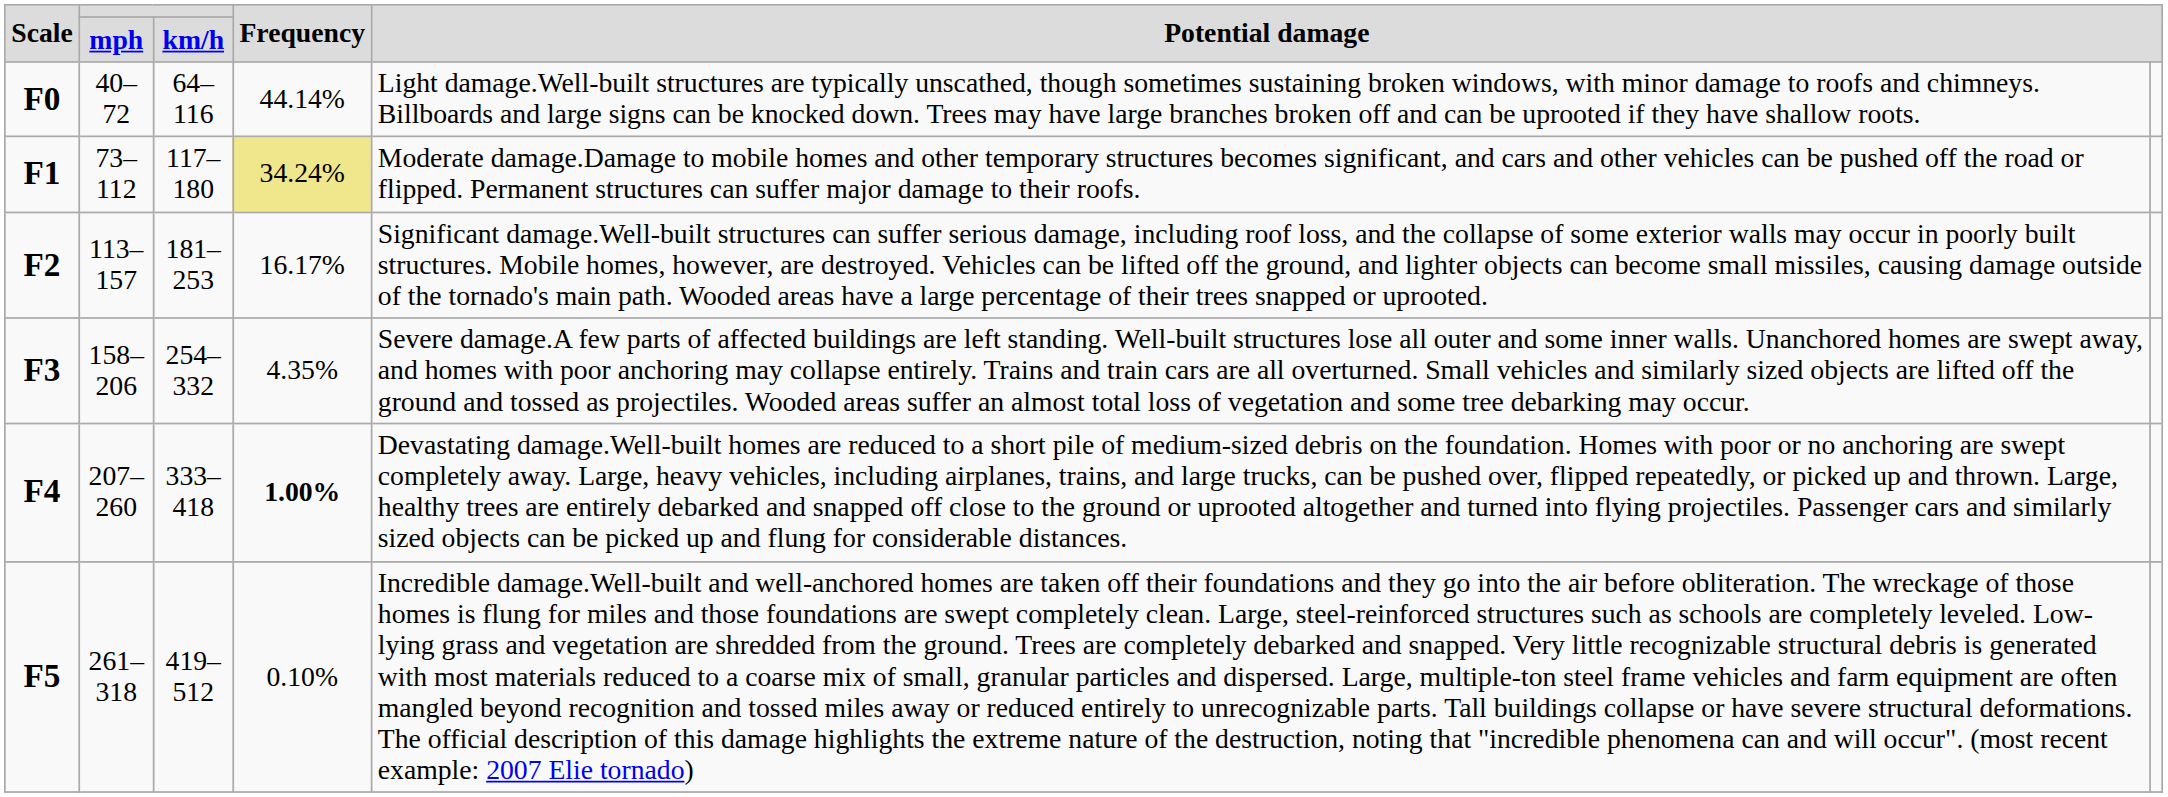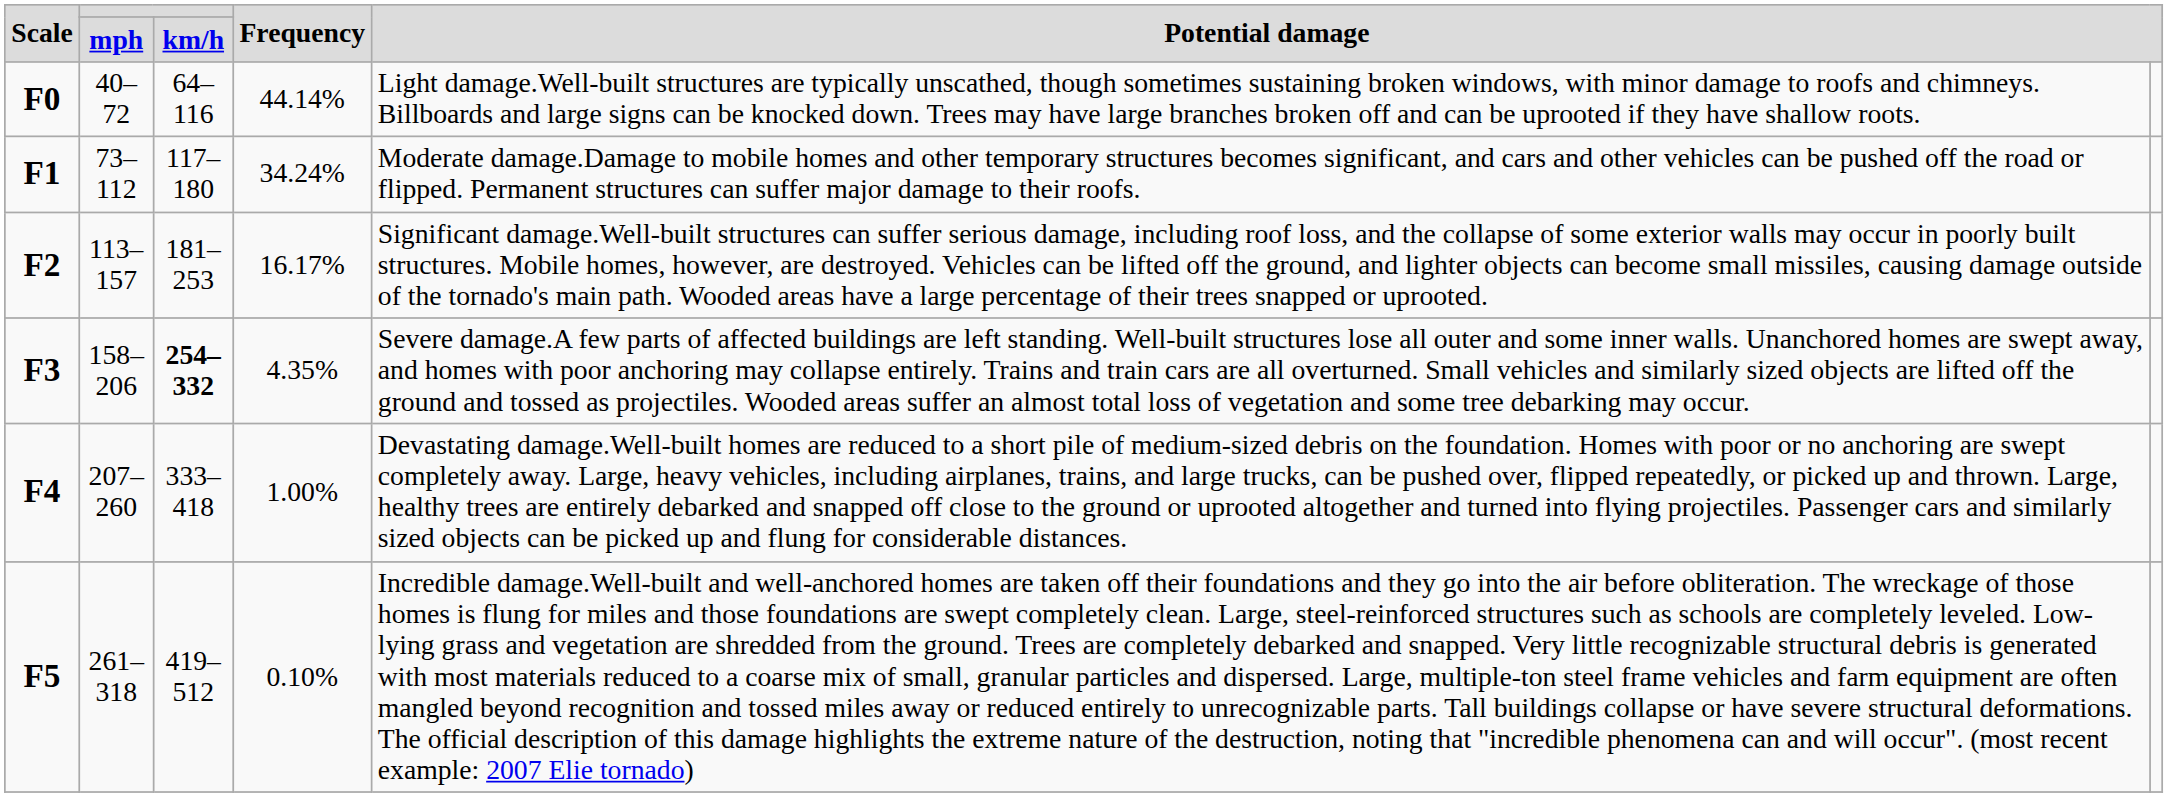 <table class="wikitable">
 <tr style="text-align:center; background:gainsboro;">
 <td rowspan="2"><strong>Scale</strong></td>
 <td colspan="2"></td>
 <td rowspan="2"><strong>Frequency</strong></td>
 <td rowspan="2" colspan="2"><strong>Potential damage</strong></td>
 </tr>
 <tr style="text-align:center; background:gainsboro;">
 <td><strong><a href='#'>mph</a></strong></td>
 <td><strong><a href='#'>km/h</a></strong></td>
 </tr>
 <tr>
 <td align="center"><big><strong>F0</strong></big> </td>
 <td style="text-align:center;">40–72</td>
 <td style="text-align:center;">64–116</td>
 <td style="text-align:center;">44.14%</td>
 <td>Light damage.Well-built structures are typically unscathed, though sometimes sustaining broken windows, with minor damage to roofs and chimneys. Billboards and large signs can be knocked down. Trees may have large branches broken off and can be uprooted if they have shallow roots.</td>
 <td></td>
 </tr>
 <tr>
 <td align="center"><big><strong>F1</strong></big> </td>
 <td style="text-align:center;">73–112</td>
 <td style="text-align:center;">117–180</td>
-<td style="background: khaki; text-align:center;">34.24%</td>
+<td style="text-align:center;">34.24%</td>
 <td>Moderate damage.Damage to mobile homes and other temporary structures becomes significant, and cars and other vehicles can be pushed off the road or flipped. Permanent structures can suffer major damage to their roofs.</td>
 <td></td>
 </tr>
 <tr>
 <td align="center"><big><strong>F2</strong></big> </td>
 <td style="text-align:center;">113–157</td>
 <td style="text-align:center;">181–253</td>
 <td style="text-align:center;">16.17%</td>
 <td>Significant damage.Well-built structures can suffer serious damage, including roof loss, and the collapse of some exterior walls may occur in poorly built structures. Mobile homes, however, are destroyed. Vehicles can be lifted off the ground, and lighter objects can become small missiles, causing damage outside of the tornado's main path. Wooded areas have a large percentage of their trees snapped or uprooted.</td>
 <td></td>
 </tr>
 <tr>
 <td align="center"><big><strong>F3</strong></big> </td>
 <td style="text-align:center;">158–206</td>
-<td style="text-align:center;">254–332</td>
+<td style="text-align:center;"><strong>254–332</strong></td>
 <td style="text-align:center;">4.35%</td>
 <td>Severe damage.A few parts of affected buildings are left standing. Well-built structures lose all outer and some inner walls. Unanchored homes are swept away, and homes with poor anchoring may collapse entirely. Trains and train cars are all overturned. Small vehicles and similarly sized objects are lifted off the ground and tossed as projectiles. Wooded areas suffer an almost total loss of vegetation and some tree debarking may occur.</td>
 <td></td>
 </tr>
 <tr>
 <td align="center"><big><strong>F4</strong></big> </td>
 <td style="text-align:center;">207–260</td>
 <td style="text-align:center;">333–418</td>
-<td style="text-align:center;"><strong>1.00%</strong></td>
+<td style="text-align:center;">1.00%</td>
 <td>Devastating damage.Well-built homes are reduced to a short pile of medium-sized debris on the foundation. Homes with poor or no anchoring are swept completely away. Large, heavy vehicles, including airplanes, trains, and large trucks, can be pushed over, flipped repeatedly, or picked up and thrown. Large, healthy trees are entirely debarked and snapped off close to the ground or uprooted altogether and turned into flying projectiles. Passenger cars and similarly sized objects can be picked up and flung for considerable distances.</td>
 <td></td>
 </tr>
 <tr>
 <td align="center"><big><strong>F5</strong></big> </td>
 <td style="text-align:center;">261–318</td>
 <td style="text-align:center;">419–512</td>
 <td style="text-align:center;">0.10%</td>
 <td>Incredible damage.Well-built and well-anchored homes are taken off their foundations and they go into the air before obliteration. The wreckage of those homes is flung for miles and those foundations are swept completely clean. Large, steel-reinforced structures such as schools are completely leveled. Low-lying grass and vegetation are shredded from the ground. Trees are completely debarked and snapped. Very little recognizable structural debris is generated with most materials reduced to a coarse mix of small, granular particles and dispersed. Large, multiple-ton steel frame vehicles and farm equipment are often mangled beyond recognition and tossed miles away or reduced entirely to unrecognizable parts. Tall buildings collapse or have severe structural deformations. The official description of this damage highlights the extreme nature of the destruction, noting that "incredible phenomena can and will occur". (most recent example: <a href='#'>2007 Elie tornado</a>)</td>
 <td></td>
 </tr>
 </table>
